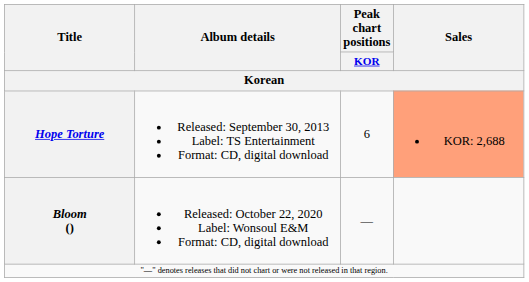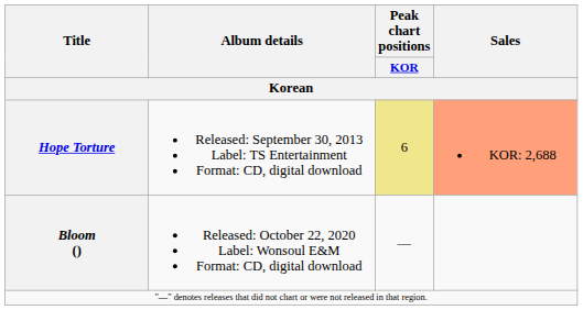 <table class="wikitable plainrowheaders" style="text-align:center">
 <tr>
 <th scope="col" rowspan="2" style="width:10em">Title</th>
 <th scope="col" rowspan="2" style="width:16em">Album details</th>
 <th scope="col" colspan="1">Peak chart positions</th>
 <th scope="col" rowspan="2" style="width:10em">Sales</th>
 </tr>
 <tr>
 <th scope="col" style="width:2.5em;font-size:90%"><a href='#'>KOR</a><br></th>
 </tr>
 <tr>
 <th colspan="5">Korean</th>
 </tr>
 <tr>
 <th scope="row"><em><a href='#'>Hope Torture</a></em></th>
 <td><br><ul><li>Released: September 30, 2013</li><li>Label: TS Entertainment</li><li>Format: CD, digital download</li></ul></td>
-<td>6</td>
+<td style="background: khaki;">6</td>
 <td style="background: lightsalmon;"><br><ul><li>KOR: 2,688</li></ul></td>
 </tr>
 <tr>
 <th scope="row"><em>Bloom</em> <br>()</th>
 <td><br><ul><li>Released: October 22, 2020</li><li>Label: Wonsoul E&M</li><li>Format: CD, digital download</li></ul></td>
 <td>—</td>
 <td></td>
 </tr>
 <tr>
 <td colspan="4" style="font-size:8pt">"—" denotes releases that did not chart or were not released in that region.</td>
 </tr>
 </table>
